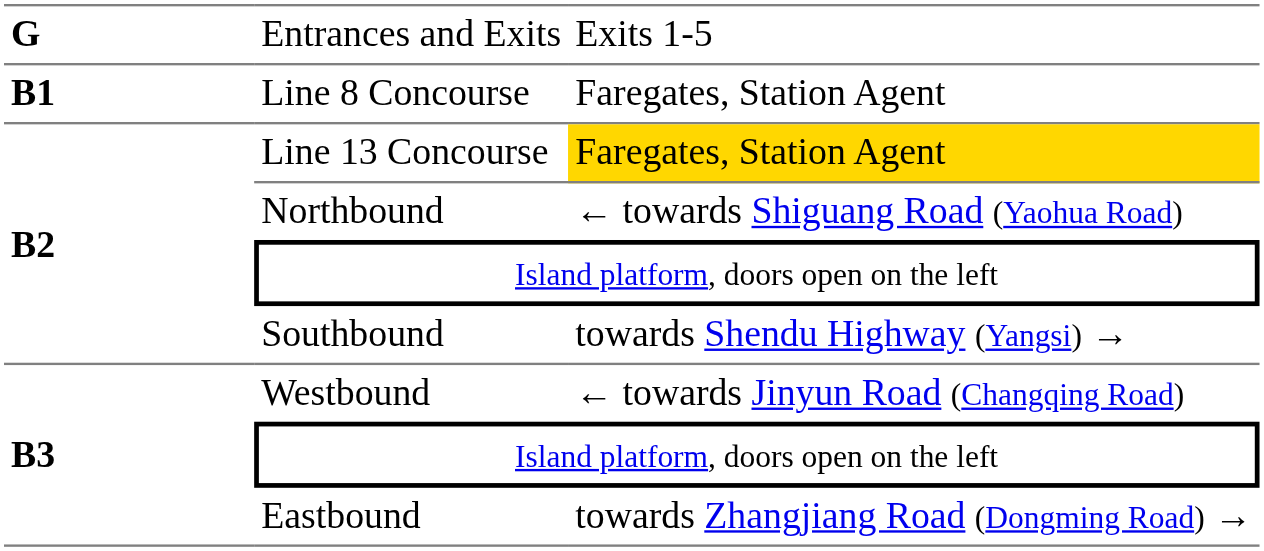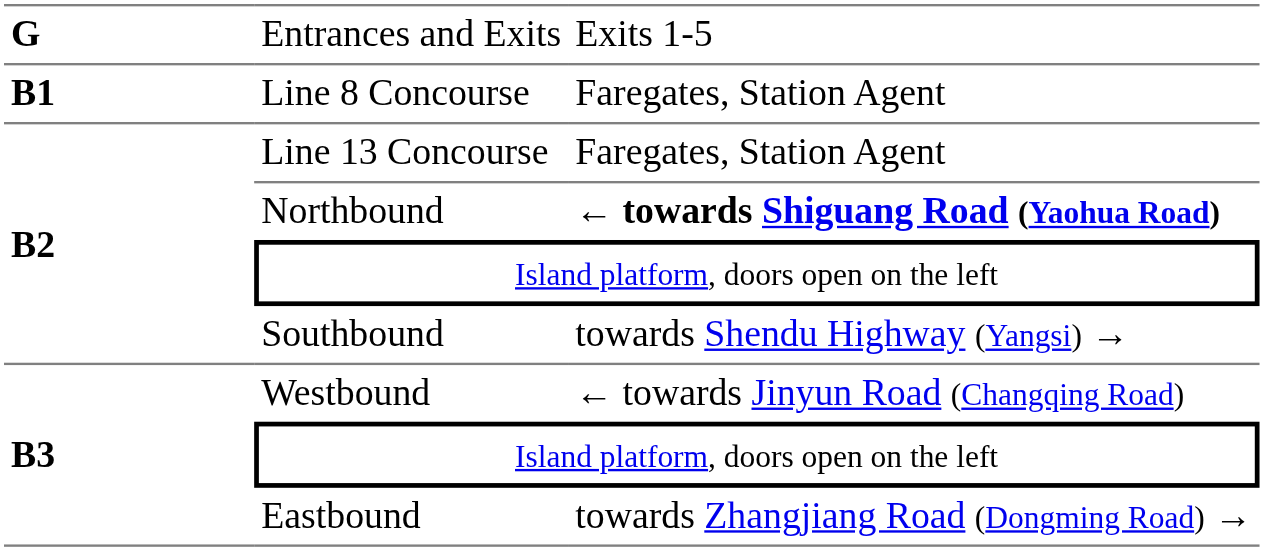 <table cellspacing=0 cellpadding=3>
 <tr>
 <td style="border-top:solid 1px gray;border-bottom:solid 1px gray;" width=100><strong>G</strong></td>
 <td style="border-top:solid 1px gray;border-bottom:solid 1px gray;">Entrances and Exits</td>
 <td style="border-top:solid 1px gray;border-bottom:solid 1px gray;">Exits 1-5</td>
 </tr>
 <tr>
 <td style="border-bottom:solid 1px gray;"><strong>B1</strong></td>
 <td style="border-bottom:solid 1px gray;">Line 8 Concourse</td>
 <td style="border-bottom:solid 1px gray;">Faregates, Station Agent</td>
 </tr>
 <tr>
 <td style="border-bottom:solid 1px gray;" rowspan=4><strong>B2</strong></td>
 <td style="border-bottom:solid 1px gray;">Line 13 Concourse</td>
-<td style="background: gold; border-bottom:solid 1px gray;">Faregates, Station Agent</td>
+<td style="border-bottom:solid 1px gray;">Faregates, Station Agent</td>
 </tr>
 <tr>
 <td>Northbound</td>
-<td>←  towards <a href='#'>Shiguang Road</a> <small>(<a href='#'>Yaohua Road</a>)</small></td>
+<td><strong>←  towards <a href='#'>Shiguang Road</a> <small>(<a href='#'>Yaohua Road</a>)</small></strong></td>
 </tr>
 <tr>
 <td style="border-right:solid 2px black;border-left:solid 2px black;border-top:solid 2px black;border-bottom:solid 2px black;text-align:center;" colspan=2><small><a href='#'>Island platform</a>, doors open on the left</small></td>
 </tr>
 <tr>
 <td style="border-bottom:solid 1px gray;">Southbound</td>
 <td style="border-bottom:solid 1px gray;">  towards <a href='#'>Shendu Highway</a> <small>(<a href='#'>Yangsi</a>)</small> →</td>
 </tr>
 <tr>
 <td style="border-bottom:solid 1px gray;" rowspan=3><strong>B3</strong></td>
 <td>Westbound</td>
 <td>←  towards <a href='#'>Jinyun Road</a> <small>(<a href='#'>Changqing Road</a>)</small></td>
 </tr>
 <tr>
 <td style="border-right:solid 2px black;border-left:solid 2px black;border-top:solid 2px black;border-bottom:solid 2px black;text-align:center;" colspan=2><small><a href='#'>Island platform</a>, doors open on the left</small></td>
 </tr>
 <tr>
 <td style="border-bottom:solid 1px gray;">Eastbound</td>
 <td style="border-bottom:solid 1px gray;">  towards <a href='#'>Zhangjiang Road</a> <small>(<a href='#'>Dongming Road</a>)</small> →</td>
 </tr>
 </table>
